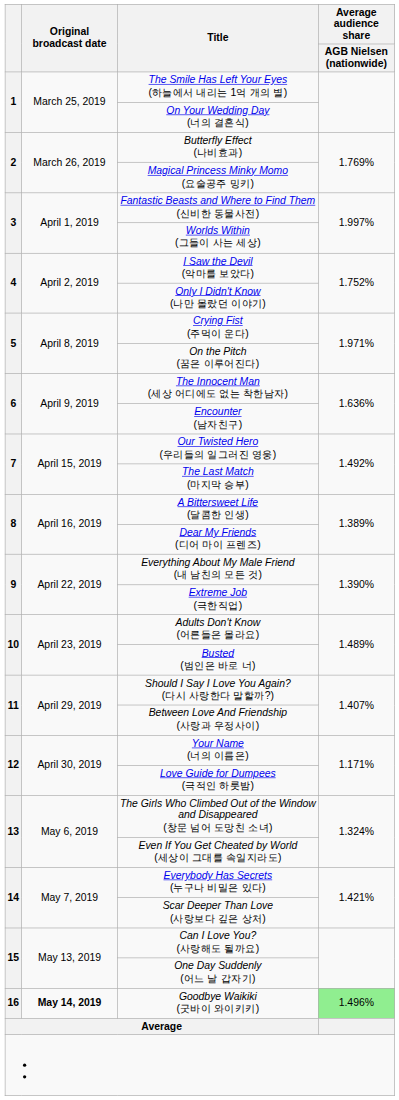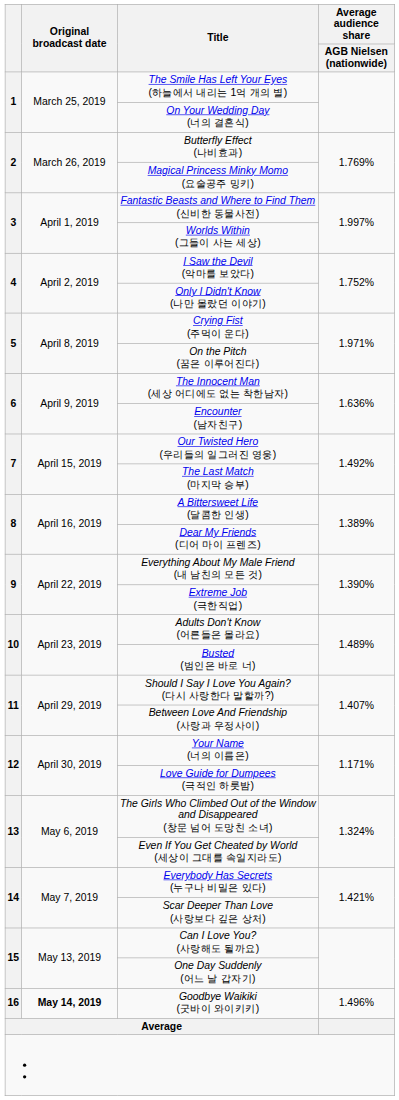 <table class="wikitable" style="text-align:center;max-width:600px; margin-left: auto; margin-right: auto; border: none;">
 <tr>
 </tr>
 <tr>
 <th rowspan="2"></th>
 <th rowspan="2">Original broadcast date</th>
 <th rowspan="2">Title</th>
 <th width="110">Average audience share</th>
 </tr>
 <tr>
 <th>AGB Nielsen (nationwide)</th>
 </tr>
 <tr>
 <th rowspan="2">1</th>
 <td rowspan=2>March 25, 2019</td>
 <td><em><a href='#'>The Smile Has Left Your Eyes</a></em><br>(하늘에서 내리는 1억 개의 별)</td>
 <td rowspan=2></td>
 </tr>
 <tr>
 <td><em><a href='#'>On Your Wedding Day</a></em><br>(너의 결혼식)</td>
 </tr>
 <tr>
 <th rowspan="2">2</th>
 <td rowspan=2>March 26, 2019</td>
 <td><em>Butterfly Effect</em><br>(나비효과)</td>
 <td rowspan=2>1.769%</td>
 </tr>
 <tr>
 <td><em><a href='#'>Magical Princess Minky Momo</a></em><br>(요술공주 밍키)</td>
 </tr>
 <tr>
 <th rowspan="2">3</th>
 <td rowspan="2">April 1, 2019</td>
 <td><em><a href='#'>Fantastic Beasts and Where to Find Them</a></em><br>(신비한 동물사전)</td>
 <td rowspan="2">1.997%</td>
 </tr>
 <tr>
 <td><em><a href='#'>Worlds Within</a></em><br>(그들이 사는 세상)</td>
 </tr>
 <tr>
 <th rowspan="2">4</th>
 <td rowspan="2">April 2, 2019</td>
 <td><em><a href='#'>I Saw the Devil</a></em><br>(악마를 보았다)</td>
 <td rowspan="2">1.752%</td>
 </tr>
 <tr>
 <td><em><a href='#'>Only I Didn't Know</a></em><br>(나만 몰랐던 이야기)</td>
 </tr>
 <tr>
 <th rowspan="2">5</th>
 <td rowspan="2">April 8, 2019</td>
 <td><em><a href='#'>Crying Fist</a></em><br>(주먹이 운다)</td>
 <td rowspan="2">1.971%</td>
 </tr>
 <tr>
 <td><em>On the Pitch</em><br>(꿈은 이루어진다)</td>
 </tr>
 <tr>
 <th rowspan="2">6</th>
 <td rowspan="2">April 9, 2019</td>
 <td><em><a href='#'>The Innocent Man</a></em><br>(세상 어디에도 없는 착한남자)</td>
 <td rowspan="2">1.636%</td>
 </tr>
 <tr>
 <td><em><a href='#'>Encounter</a></em><br>(남자친구)</td>
 </tr>
 <tr>
 <th rowspan="2">7</th>
 <td rowspan="2">April 15, 2019</td>
 <td><em><a href='#'>Our Twisted Hero</a></em><br>(우리들의 일그러진 영웅)</td>
 <td rowspan="2">1.492%</td>
 </tr>
 <tr>
 <td><em><a href='#'>The Last Match</a></em><br>(마지막 승부)</td>
 </tr>
 <tr>
 <th rowspan="2">8</th>
 <td rowspan="2">April 16, 2019</td>
 <td><em><a href='#'>A Bittersweet Life</a></em><br>(달콤한 인생)</td>
 <td rowspan="2">1.389%</td>
 </tr>
 <tr>
 <td><em><a href='#'>Dear My Friends</a></em><br>(디어 마이 프렌즈)</td>
 </tr>
 <tr>
 <th rowspan="2">9</th>
 <td rowspan="2">April 22, 2019</td>
 <td><em>Everything About My Male Friend</em><br>(내 남친의 모든 것)</td>
 <td rowspan="2">1.390%</td>
 </tr>
 <tr>
 <td><em><a href='#'>Extreme Job</a></em><br>(극한직업)</td>
 </tr>
 <tr>
 <th rowspan="2">10</th>
 <td rowspan="2">April 23, 2019</td>
 <td><em>Adults Don't Know</em><br>(어른들은 몰라요)</td>
 <td rowspan="2">1.489%</td>
 </tr>
 <tr>
 <td><em><a href='#'>Busted</a></em><br>(범인은 바로 너)</td>
 </tr>
 <tr>
 <th rowspan="2">11</th>
 <td rowspan="2">April 29, 2019</td>
 <td><em>Should I Say I Love You Again?</em><br>(다시 사랑한다 말할까?)</td>
 <td rowspan="2">1.407%</td>
 </tr>
 <tr>
 <td><em>Between Love And Friendship</em><br>(사랑과 우정사이)</td>
 </tr>
 <tr>
 <th rowspan="2">12</th>
 <td rowspan="2">April 30, 2019</td>
 <td><em><a href='#'>Your Name</a></em><br>(너의 이름은)</td>
 <td rowspan="2">1.171%</td>
 </tr>
 <tr>
 <td><em><a href='#'>Love Guide for Dumpees</a></em><br>(극적인 하룻밤)</td>
 </tr>
 <tr>
 <th rowspan="2">13</th>
 <td rowspan="2">May 6, 2019</td>
 <td><em>The Girls Who Climbed Out of the Window and Disappeared</em><br>(창문 넘어 도망친 소녀)</td>
 <td rowspan="2">1.324%</td>
 </tr>
 <tr>
 <td><em>Even If You Get Cheated by World</em><br>(세상이 그대를 속일지라도)</td>
 </tr>
 <tr>
 <th rowspan="2">14</th>
 <td rowspan="2">May 7, 2019</td>
 <td><em><a href='#'>Everybody Has Secrets</a></em><br>(누구나 비밀은 있다)</td>
 <td rowspan="2">1.421%</td>
 </tr>
 <tr>
 <td><em>Scar Deeper Than Love</em><br>(사랑보다 깊은 상처)</td>
 </tr>
 <tr>
 <th rowspan="2">15</th>
 <td rowspan="2">May 13, 2019</td>
 <td><em>Can I Love You?</em><br>(사랑해도 될까요)</td>
 <td rowspan="2"></td>
 </tr>
 <tr>
 <td><em>One Day Suddenly</em><br>(어느 날 갑자기)</td>
 </tr>
 <tr>
 <th>16</th>
 <td><strong>May 14, 2019</strong></td>
 <td><em>Goodbye Waikiki</em><br>(굿바이 와이키키)</td>
-<td style="background: lightgreen;">1.496%</td>
+<td>1.496%</td>
 </tr>
 <tr>
 <th colspan="3">Average</th>
 <th></th>
 </tr>
 <tr>
 <td colspan="6"><br><ul><li></li><li></li></ul></td>
 </tr>
 </table>
